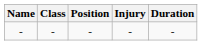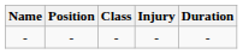 <table class="wikitable">
 <tr>
 <th style="text-align:center; ">Name</th>
+<th style="text-align:center; ">Position</th>
 <th style="text-align:center; ">Class</th>
-<th style="text-align:center; ">Position</th>
 <th style="text-align:center; ">Injury</th>
 <th style="text-align:center; ">Duration</th>
 </tr>
 <tr align="center">
 <td>-</td>
 <td>-</td>
 <td>-</td>
 <td>-</td>
 <td>-</td>
 </tr>
 </table>
